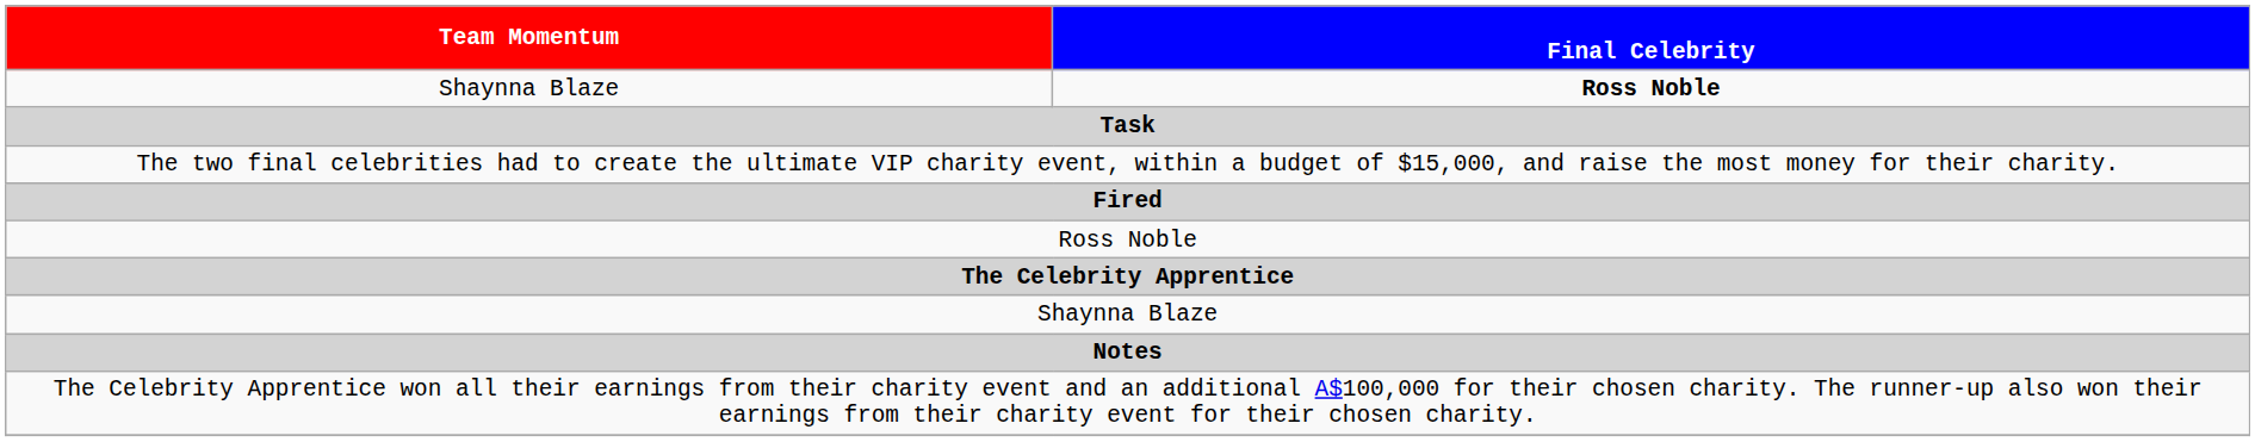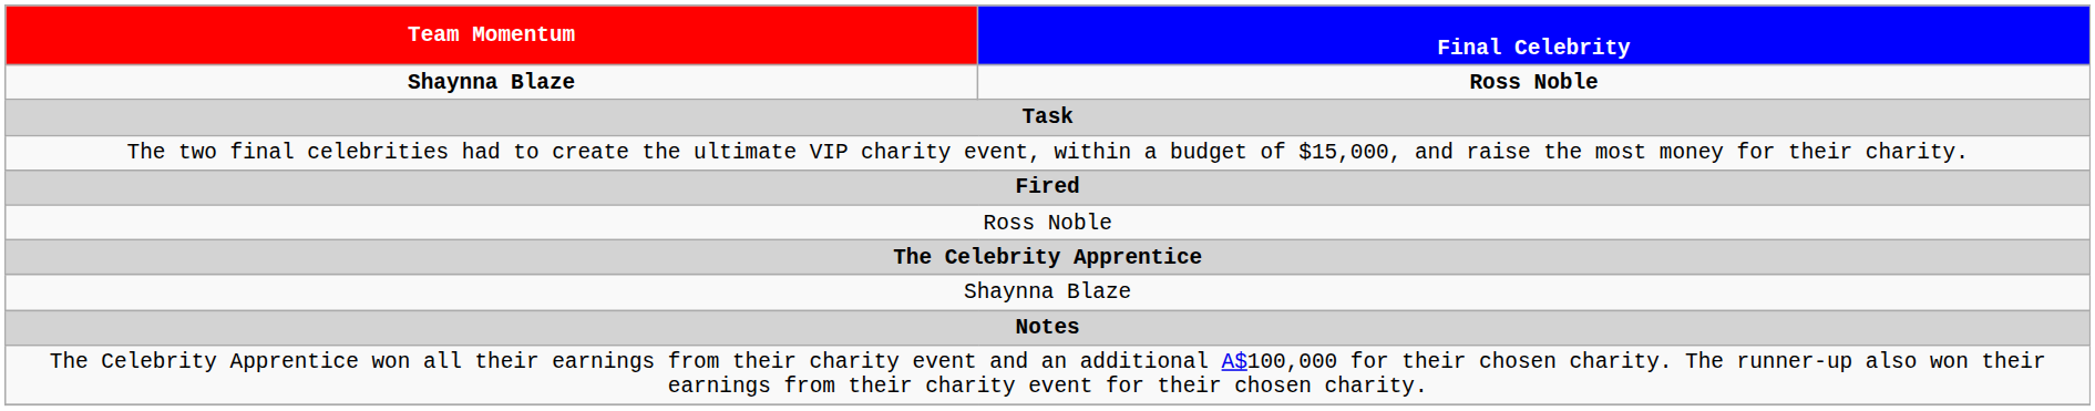 <table class="wikitable" style="text-align: center; width:100%">
 <tr>
 <th style="text-align:center; background:red;color:white">Team Momentum<br></th>
 <th style="text-align:center; background:blue;color:white"><br>Final Celebrity</th>
 </tr>
 <tr>
-<td>Shaynna Blaze</td>
+<td><strong>Shaynna Blaze</strong></td>
 <td><strong>Ross Noble</strong></td>
 </tr>
 <tr>
 <th colspan="2" style="text-align:center; background:lightgrey;">Task</th>
 </tr>
 <tr>
 <td colspan="2">The two final celebrities had to create the ultimate VIP charity event, within a budget of $15,000, and raise the most money for their charity.</td>
 </tr>
 <tr>
 <th colspan="2" style="text-align:center; background:lightgrey;">Fired</th>
 </tr>
 <tr>
 <td colspan="2">Ross Noble</td>
 </tr>
 <tr>
 <th colspan="2" style="text-align:center; background:lightgrey;">The Celebrity Apprentice</th>
 </tr>
 <tr>
 <td colspan="2">Shaynna Blaze</td>
 </tr>
 <tr>
 <th colspan="2" style="text-align:center; background:lightgrey;">Notes</th>
 </tr>
 <tr>
 <td colspan="2">The Celebrity Apprentice won all their earnings from their charity event and an additional <a href='#'>A$</a>100,000 for their chosen charity. The runner-up also won their earnings from their charity event for their chosen charity.</td>
 </tr>
 <tr>
 </tr>
 </table>
